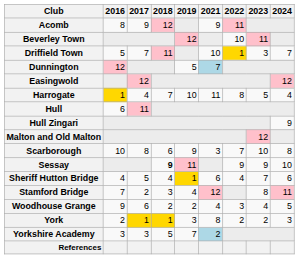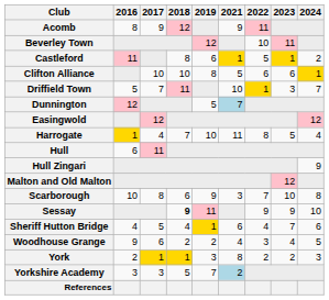 <table class="wikitable plainrowheaders" style="font-size:85%; text-align: right;">
 <tr>
 <th scope="col">Club</th>
 <th scope="col">2016</th>
 <th scope="col">2017</th>
 <th scope="col">2018</th>
 <th scope="col">2019</th>
 <th scope="col">2021</th>
 <th scope="col">2022</th>
 <th scope="col">2023</th>
 <th scope="col">2024</th>
 </tr>
 <tr>
 <th scope="row">Acomb</th>
 <td>8</td>
 <td>9</td>
 <td bgcolor="pink">12</td>
 <td bgcolor="#ececec"></td>
 <td>9</td>
 <td bgcolor="pink">11</td>
 <td bgcolor="#ececec" colspan="2"></td>
 </tr>
 <tr>
 <th scope="row">Beverley Town</th>
 <td bgcolor="#ececec" colspan="3"></td>
 <td bgcolor="pink">12</td>
 <td bgcolor="#ececec" colspan="1"></td>
 <td>10</td>
 <td bgcolor="pink">11</td>
 <td bgcolor="#ececec" colspan="1"></td>
+</tr>
+<tr>
+<th scope="row">Castleford</th>
+<td bgcolor="pink">11</td>
+<td bgcolor="#ececec"></td>
+<td>8</td>
+<td>6</td>
+<td bgcolor="gold">1</td>
+<td>5</td>
+<td bgcolor="gold">1</td>
+<td>2</td>
+</tr>
+<tr>
+<th scope="row">Clifton Alliance</th>
+<td bgcolor="#ececec"></td>
+<td>10</td>
+<td>10</td>
+<td>8</td>
+<td>5</td>
+<td>6</td>
+<td>6</td>
+<td bgcolor="gold">1</td>
 </tr>
 <tr>
 <th scope="row">Driffield Town</th>
 <td>5</td>
 <td>7</td>
 <td bgcolor="pink">11</td>
 <td bgcolor="#ececec"></td>
 <td>10</td>
 <td bgcolor="gold">1</td>
 <td>3</td>
 <td>7</td>
 </tr>
 <tr>
 <th scope="row">Dunnington</th>
 <td bgcolor="pink">12</td>
 <td bgcolor="#ececec" colspan="2"></td>
 <td>5</td>
 <td bgcolor="lightblue">7</td>
 <td bgcolor="#ececec" colspan="3"></td>
 </tr>
 <tr>
 <th scope="row">Easingwold</th>
 <td bgcolor="#ececec"></td>
 <td bgcolor="pink">12</td>
 <td bgcolor="#ececec" colspan="5"></td>
 <td bgcolor="pink">12</td>
 </tr>
 <tr>
 <th scope="row">Harrogate</th>
 <td bgcolor="gold">1</td>
 <td>4</td>
 <td>7</td>
 <td>10</td>
 <td>11</td>
 <td>8</td>
 <td>5</td>
 <td>4</td>
 </tr>
 <tr>
 <th scope="row">Hull</th>
 <td>6</td>
 <td bgcolor="pink">11</td>
 <td bgcolor="#ececec" colspan="6"></td>
 </tr>
 <tr>
 <th scope="row">Hull Zingari</th>
 <td colspan="7" bgcolor="#ececec"></td>
 <td>9</td>
 </tr>
 <tr>
 <th scope="row">Malton and Old Malton</th>
 <td bgcolor="#ececec" colspan="6"></td>
 <td bgcolor="pink">12</td>
 <td bgcolor="#ececec" colspan="1"></td>
 </tr>
 <tr>
 <th scope="row">Scarborough</th>
 <td>10</td>
 <td>8</td>
 <td>6</td>
 <td>9</td>
 <td>3</td>
 <td>7</td>
 <td>10</td>
 <td>8</td>
 </tr>
 <tr>
 <th scope="row">Sessay</th>
 <td bgcolor="#ececec" colspan="2"></td>
 <td><strong>9</strong></td>
 <td bgcolor="pink">11</td>
 <td bgcolor="#ececec" colspan="1"></td>
 <td>9</td>
 <td>9</td>
 <td>10</td>
 </tr>
 <tr>
 <th scope="row">Sheriff Hutton Bridge</th>
 <td>4</td>
 <td>5</td>
 <td>4</td>
 <td bgcolor="gold">1</td>
 <td>6</td>
 <td>4</td>
 <td>7</td>
 <td>6</td>
 </tr>
 <tr>
-<th scope="row">Stamford Bridge</th>
-<td>7</td>
-<td>2</td>
-<td>3</td>
-<td>4</td>
-<td bgcolor="pink">12</td>
-<td bgcolor="#ececec" colspan="1"></td>
-<td>8</td>
-<td bgcolor="pink">11</td>
-</tr>
-<tr>
 <th scope="row">Woodhouse Grange</th>
 <td>9</td>
 <td>6</td>
 <td>2</td>
 <td>2</td>
 <td>4</td>
 <td>3</td>
 <td>4</td>
 <td>5</td>
 </tr>
 <tr>
 <th scope="row">York</th>
 <td>2</td>
 <td bgcolor="gold">1</td>
 <td bgcolor="gold">1</td>
 <td>3</td>
 <td>8</td>
 <td>2</td>
 <td>2</td>
 <td>3</td>
 </tr>
 <tr>
 <th scope="row">Yorkshire Academy</th>
 <td>3</td>
 <td>3</td>
 <td>5</td>
 <td>7</td>
 <td bgcolor="lightblue">2</td>
 <td bgcolor="#ececec" colspan="3"></td>
 </tr>
 <tr style="font-size:90%; text-align:center">
 <th scope="row" style="text-align: right">References</th>
 <th scope="col"></th>
 <th scope="col"></th>
 <th scope="col"></th>
 <th scope="col"></th>
 <th scope="col"></th>
 <th scope="col"></th>
 <th scope="col"></th>
 <th scope="col"></th>
 </tr>
 </table>
